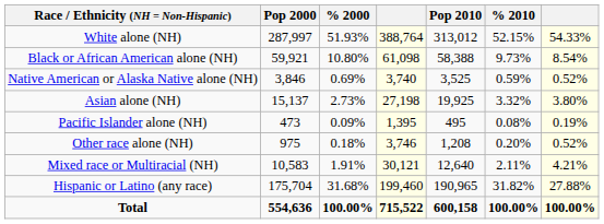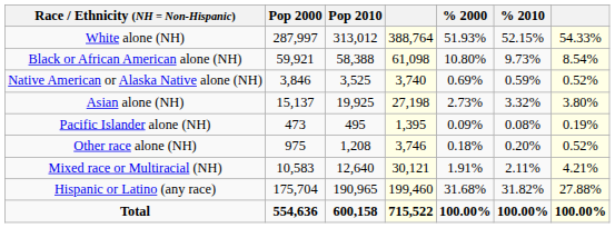 <table class="wikitable" style="text-align:center;">
 <tr>
 <th>Race / Ethnicity <small>(<em>NH = Non-Hispanic</em>)</small></th>
 <th>Pop 2000</th>
+<th>Pop 2010</th>
+<th></th>
 <th>% 2000</th>
-<th></th>
-<th>Pop 2010</th>
 <th>% 2010</th>
 <th></th>
 </tr>
 <tr>
 <td><a href='#'>White</a> alone (NH)</td>
 <td>287,997</td>
+<td>313,012</td>
+<td style='background: #ffffe6;'>388,764</td>
 <td>51.93%</td>
-<td style='background: #ffffe6;'>388,764</td>
-<td>313,012</td>
 <td>52.15%</td>
 <td style='background: #ffffe6;'>54.33%</td>
 </tr>
 <tr>
 <td><a href='#'>Black or African American</a> alone (NH)</td>
 <td>59,921</td>
+<td>58,388</td>
+<td style='background: #ffffe6;'>61,098</td>
 <td>10.80%</td>
-<td style='background: #ffffe6;'>61,098</td>
-<td>58,388</td>
 <td>9.73%</td>
 <td style='background: #ffffe6;'>8.54%</td>
 </tr>
 <tr>
 <td><a href='#'>Native American</a> or <a href='#'>Alaska Native</a> alone (NH)</td>
 <td>3,846</td>
+<td>3,525</td>
+<td style='background: #ffffe6;'>3,740</td>
 <td>0.69%</td>
-<td style='background: #ffffe6;'>3,740</td>
-<td>3,525</td>
 <td>0.59%</td>
 <td style='background: #ffffe6;'>0.52%</td>
 </tr>
 <tr>
 <td><a href='#'>Asian</a> alone (NH)</td>
 <td>15,137</td>
+<td>19,925</td>
+<td style='background: #ffffe6;'>27,198</td>
 <td>2.73%</td>
-<td style='background: #ffffe6;'>27,198</td>
-<td>19,925</td>
 <td>3.32%</td>
 <td style='background: #ffffe6;'>3.80%</td>
 </tr>
 <tr>
 <td><a href='#'>Pacific Islander</a> alone (NH)</td>
 <td>473</td>
+<td>495</td>
+<td style='background: #ffffe6;'>1,395</td>
 <td>0.09%</td>
-<td style='background: #ffffe6;'>1,395</td>
-<td>495</td>
 <td>0.08%</td>
 <td style='background: #ffffe6;'>0.19%</td>
 </tr>
 <tr>
 <td><a href='#'>Other race</a> alone (NH)</td>
 <td>975</td>
+<td>1,208</td>
+<td style='background: #ffffe6;'>3,746</td>
 <td>0.18%</td>
-<td style='background: #ffffe6;'>3,746</td>
-<td>1,208</td>
 <td>0.20%</td>
 <td style='background: #ffffe6;'>0.52%</td>
 </tr>
 <tr>
 <td><a href='#'>Mixed race or Multiracial</a> (NH)</td>
 <td>10,583</td>
+<td>12,640</td>
+<td style='background: #ffffe6;'>30,121</td>
 <td>1.91%</td>
-<td style='background: #ffffe6;'>30,121</td>
-<td>12,640</td>
 <td>2.11%</td>
 <td style='background: #ffffe6;'>4.21%</td>
 </tr>
 <tr>
 <td><a href='#'>Hispanic or Latino</a> (any race)</td>
 <td>175,704</td>
+<td>190,965</td>
+<td style='background: #ffffe6;'>199,460</td>
 <td>31.68%</td>
-<td style='background: #ffffe6;'>199,460</td>
-<td>190,965</td>
 <td>31.82%</td>
 <td style='background: #ffffe6;'>27.88%</td>
 </tr>
 <tr>
 <td><strong>Total</strong></td>
 <td><strong>554,636</strong></td>
+<td><strong>600,158</strong></td>
+<td style='background: #ffffe6;'><strong>715,522</strong></td>
 <td><strong>100.00%</strong></td>
-<td style='background: #ffffe6;'><strong>715,522</strong></td>
-<td><strong>600,158</strong></td>
 <td><strong>100.00%</strong></td>
 <td style='background: #ffffe6;'><strong>100.00%</strong></td>
 </tr>
 </table>
